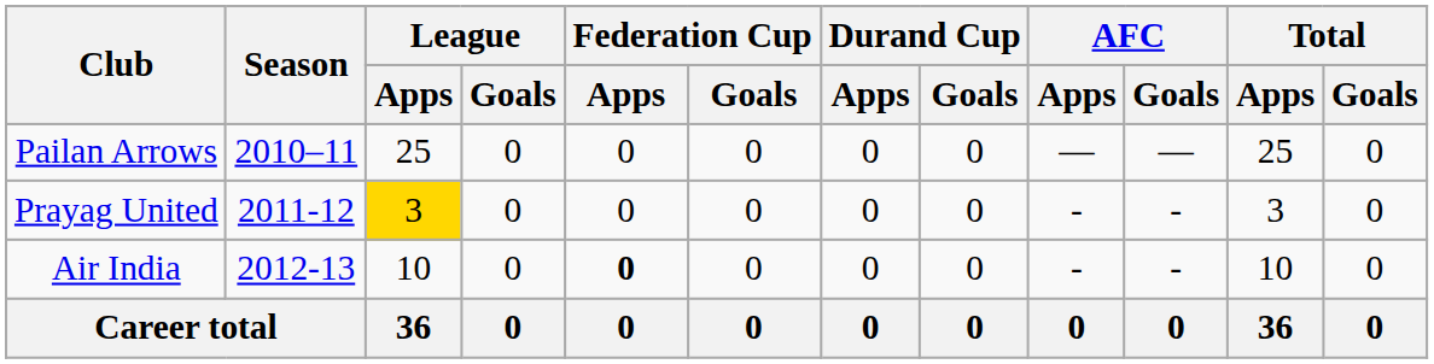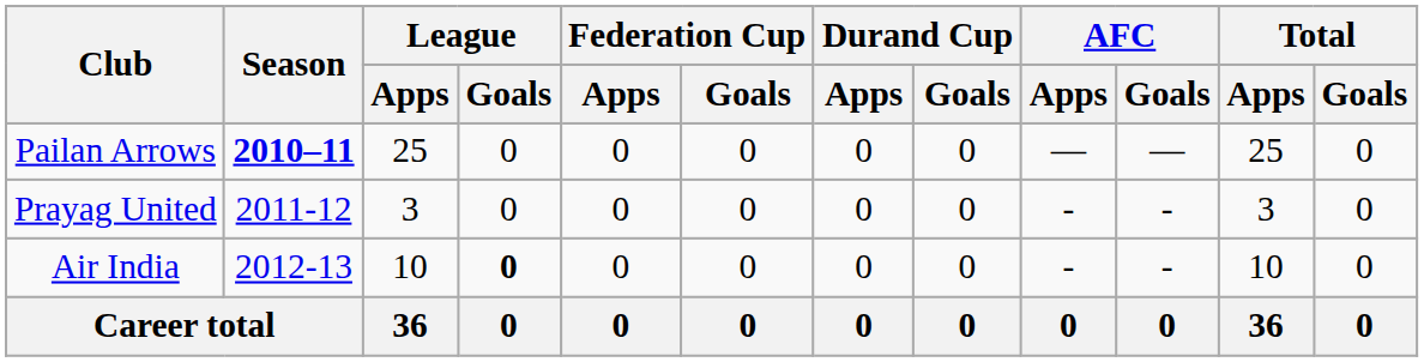 <table class="wikitable" style="font-size:90%; text-align:center;">
 <tr>
 <th rowspan="2">Club</th>
 <th rowspan="2">Season</th>
 <th colspan="2">League</th>
 <th colspan="2">Federation Cup</th>
 <th colspan="2">Durand Cup</th>
 <th colspan="2"><a href='#'>AFC</a></th>
 <th colspan="2">Total</th>
 </tr>
 <tr>
 <th>Apps</th>
 <th>Goals</th>
 <th>Apps</th>
 <th>Goals</th>
 <th>Apps</th>
 <th>Goals</th>
 <th>Apps</th>
 <th>Goals</th>
 <th>Apps</th>
 <th>Goals</th>
 </tr>
 <tr>
 <td rowspan="1"><a href='#'>Pailan Arrows</a></td>
-<td><a href='#'>2010–11</a></td>
+<td><strong><a href='#'>2010–11</a></strong></td>
 <td>25</td>
 <td>0</td>
 <td>0</td>
 <td>0</td>
 <td>0</td>
 <td>0</td>
 <td>—</td>
 <td>—</td>
 <td>25</td>
 <td>0</td>
 </tr>
 <tr>
 <td><a href='#'>Prayag United</a></td>
 <td><a href='#'>2011-12</a></td>
-<td style="background: gold;">3</td>
+<td>3</td>
 <td>0</td>
 <td>0</td>
 <td>0</td>
 <td>0</td>
 <td>0</td>
 <td>-</td>
 <td>-</td>
 <td>3</td>
 <td>0</td>
 </tr>
 <tr>
 <td><a href='#'>Air India</a></td>
 <td><a href='#'>2012-13</a></td>
 <td>10</td>
+<td><strong>0</strong></td>
 <td>0</td>
-<td><strong>0</strong></td>
 <td>0</td>
 <td>0</td>
 <td>0</td>
 <td>-</td>
 <td>-</td>
 <td>10</td>
 <td>0</td>
 </tr>
 <tr>
 <th colspan="2">Career total</th>
 <th>36</th>
 <th>0</th>
 <th>0</th>
 <th>0</th>
 <th>0</th>
 <th>0</th>
 <th>0</th>
 <th>0</th>
 <th>36</th>
 <th>0</th>
 </tr>
 </table>
